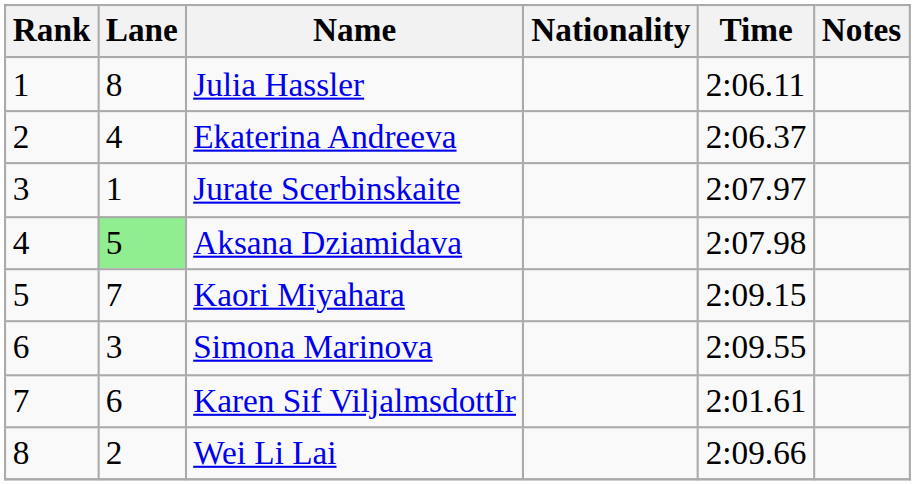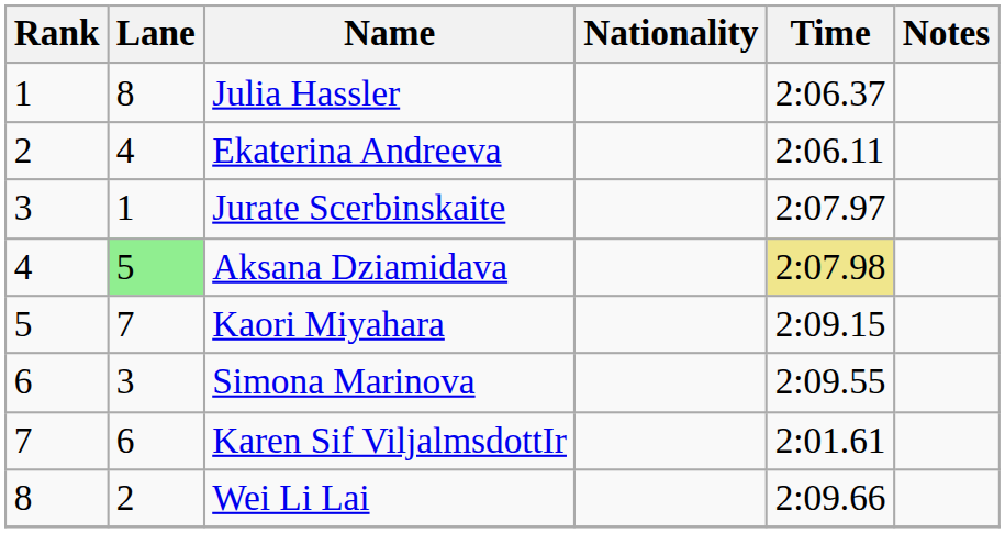 <table class="wikitable">
 <tr>
 <th>Rank</th>
 <th>Lane</th>
 <th>Name</th>
 <th>Nationality</th>
 <th>Time</th>
 <th>Notes</th>
 </tr>
 <tr>
 <td>1</td>
 <td>8</td>
 <td><a href='#'>Julia Hassler</a></td>
 <td></td>
-<td>2:06.11</td>
+<td>2:06.37</td>
 <td></td>
 </tr>
 <tr>
 <td>2</td>
 <td>4</td>
 <td><a href='#'>Ekaterina Andreeva</a></td>
 <td></td>
-<td>2:06.37</td>
+<td>2:06.11</td>
 <td></td>
 </tr>
 <tr>
 <td>3</td>
 <td>1</td>
 <td><a href='#'>Jurate Scerbinskaite</a></td>
 <td></td>
 <td>2:07.97</td>
 <td></td>
 </tr>
 <tr>
 <td>4</td>
 <td style="background: lightgreen;">5</td>
 <td><a href='#'>Aksana Dziamidava</a></td>
 <td></td>
-<td>2:07.98</td>
+<td style="background: khaki;">2:07.98</td>
 <td></td>
 </tr>
 <tr>
 <td>5</td>
 <td>7</td>
 <td><a href='#'>Kaori Miyahara</a></td>
 <td></td>
 <td>2:09.15</td>
 <td></td>
 </tr>
 <tr>
 <td>6</td>
 <td>3</td>
 <td><a href='#'>Simona Marinova</a></td>
 <td></td>
 <td>2:09.55</td>
 <td></td>
 </tr>
 <tr>
 <td>7</td>
 <td>6</td>
 <td><a href='#'>Karen Sif ViljalmsdottIr</a></td>
 <td></td>
 <td>2:01.61</td>
 <td></td>
 </tr>
 <tr>
 <td>8</td>
 <td>2</td>
 <td><a href='#'>Wei Li Lai</a></td>
 <td></td>
 <td>2:09.66</td>
 <td></td>
 </tr>
 <tr>
 </tr>
 </table>
